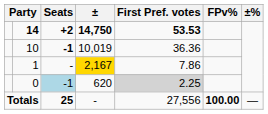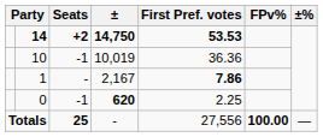 <table class=wikitable>
 <tr>
 <th colspan=2 align=center>Party</th>
 <th valign=top>Seats</th>
 <th valign=top>±</th>
 <th valign=top>First Pref. votes</th>
 <th valign=top>FPv%</th>
 <th valign=top>±%</th>
 </tr>
 <tr>
 <td></td>
 <td align=right><strong>14</strong></td>
 <td align=right><strong>+2</strong></td>
 <td align=right><strong>14,750</strong></td>
 <td align=right><strong>53.53</strong></td>
 <td align=right></td>
 </tr>
 <tr>
 <td></td>
 <td align=right>10</td>
-<td align=right><strong>-1</strong></td>
+<td align=right>-1</td>
 <td align=right>10,019</td>
 <td align=right>36.36</td>
 <td align=right></td>
 </tr>
 <tr>
 <td></td>
 <td align=right>1</td>
 <td align=right>-</td>
-<td align=right style="background: gold;">2,167</td>
-<td align=right>7.86</td>
+<td align=right>2,167</td>
+<td align=right><strong>7.86</strong></td>
 <td align=right></td>
 </tr>
 <tr>
 <td></td>
 <td align=right>0</td>
-<td align=right style="background: lightblue;">-1</td>
-<td align=right>620</td>
-<td align=right style="background: lightgrey;">2.25</td>
+<td align=right>-1</td>
+<td align=right><strong>620</strong></td>
+<td align=right>2.25</td>
 <td align=right></td>
 </tr>
 <tr>
 <td colspan=2 align=center><strong>Totals</strong></td>
 <td align=right><strong>25</strong></td>
 <td align=center>-</td>
 <td align=right>27,556</td>
 <td align=center><strong>100.00</strong></td>
 <td align=center>—</td>
 </tr>
 </table>
